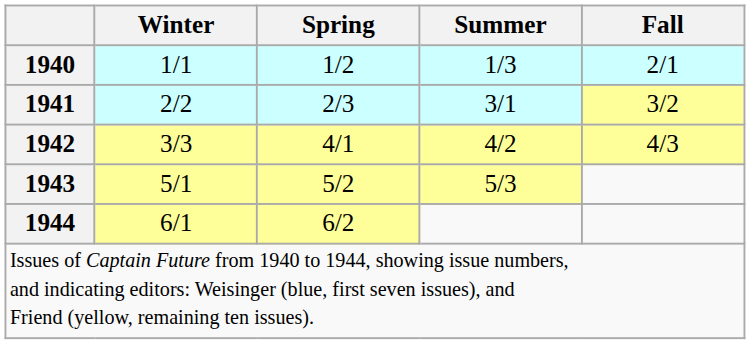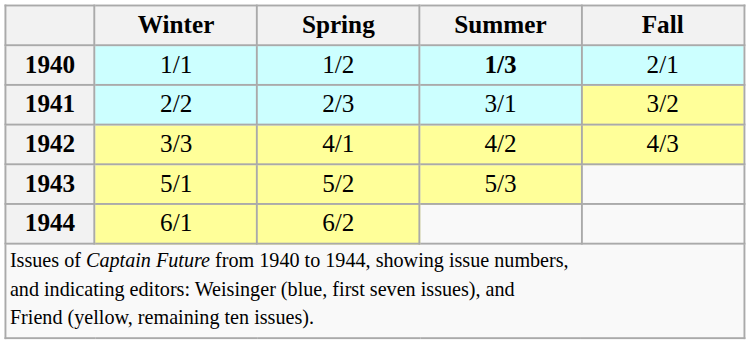 <table class="wikitable" style="font-size: 10pt; line-height: 11pt; margin-left: 2em; text-align: center; float: right">
 <tr>
 <th></th>
 <th>Winter</th>
 <th>Spring</th>
 <th>Summer</th>
 <th>Fall</th>
 </tr>
 <tr>
 <th>1940</th>
 <td bgcolor=#ccffff>1/1</td>
 <td bgcolor=#ccffff>1/2</td>
-<td bgcolor=#ccffff>1/3</td>
+<td bgcolor=#ccffff><strong>1/3</strong></td>
 <td bgcolor=#ccffff>2/1</td>
 </tr>
 <tr>
 <th style="width:10%;">1941</th>
 <td style="width:18%;" bgcolor=#ccffff>2/2</td>
 <td style="width:18%;" bgcolor=#ccffff>2/3</td>
 <td style="width:18%;" bgcolor=#ccffff>3/1</td>
 <td style="width:18%;" bgcolor=#ffff99>3/2</td>
 </tr>
 <tr>
 <th>1942</th>
 <td bgcolor=#ffff99>3/3</td>
 <td bgcolor=#ffff99>4/1</td>
 <td bgcolor=#ffff99>4/2</td>
 <td bgcolor=#ffff99>4/3</td>
 </tr>
 <tr>
 <th>1943</th>
 <td bgcolor=#ffff99>5/1</td>
 <td bgcolor=#ffff99>5/2</td>
 <td bgcolor=#ffff99>5/3</td>
 <td></td>
 </tr>
 <tr>
 <th>1944</th>
 <td bgcolor=#ffff99>6/1</td>
 <td bgcolor=#ffff99>6/2</td>
 <td></td>
 <td></td>
 </tr>
 <tr>
 <td colspan="13" style=" width:100%; font-size: 8pt; text-align:left">Issues of <em>Captain Future</em> from 1940 to 1944, showing issue numbers,<br>and indicating editors: Weisinger (blue, first seven issues), and<br>Friend (yellow, remaining ten issues).</td>
 </tr>
 </table>
